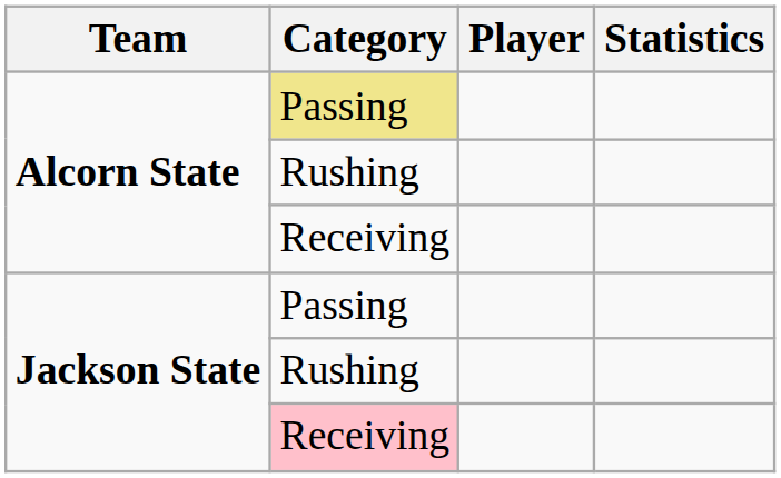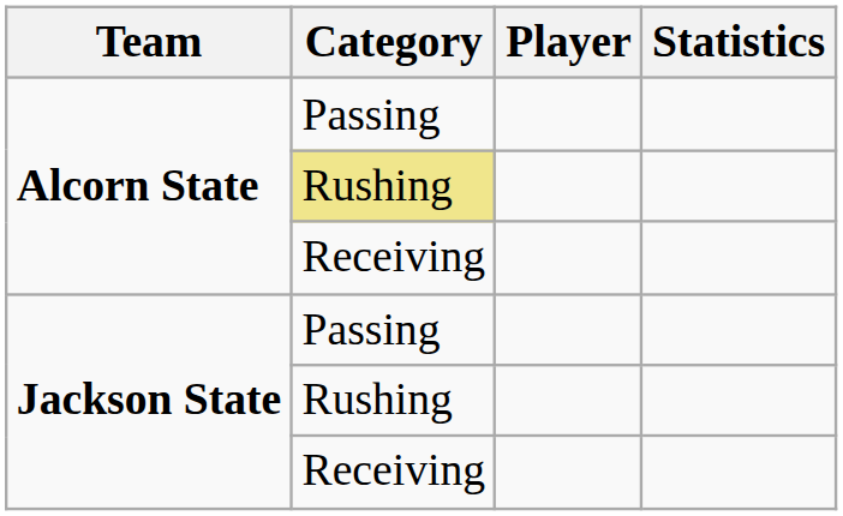 <table class="wikitable" style="float: left;">
 <tr>
 <th>Team</th>
 <th>Category</th>
 <th>Player</th>
 <th>Statistics</th>
 </tr>
 <tr>
 <td rowspan=3><strong>Alcorn State</strong></td>
-<td style="background: khaki;">Passing</td>
+<td>Passing</td>
 <td></td>
 <td> </td>
 </tr>
 <tr>
-<td>Rushing</td>
+<td style="background: khaki;">Rushing</td>
 <td></td>
 <td> </td>
 </tr>
 <tr>
 <td>Receiving</td>
 <td></td>
 <td> </td>
 </tr>
 <tr>
 <td rowspan=3><strong>Jackson State</strong></td>
 <td>Passing</td>
 <td></td>
 <td> </td>
 </tr>
 <tr>
 <td>Rushing</td>
 <td></td>
 <td> </td>
 </tr>
 <tr>
-<td style="background: pink;">Receiving</td>
+<td>Receiving</td>
 <td></td>
 <td> </td>
 </tr>
 </table>
